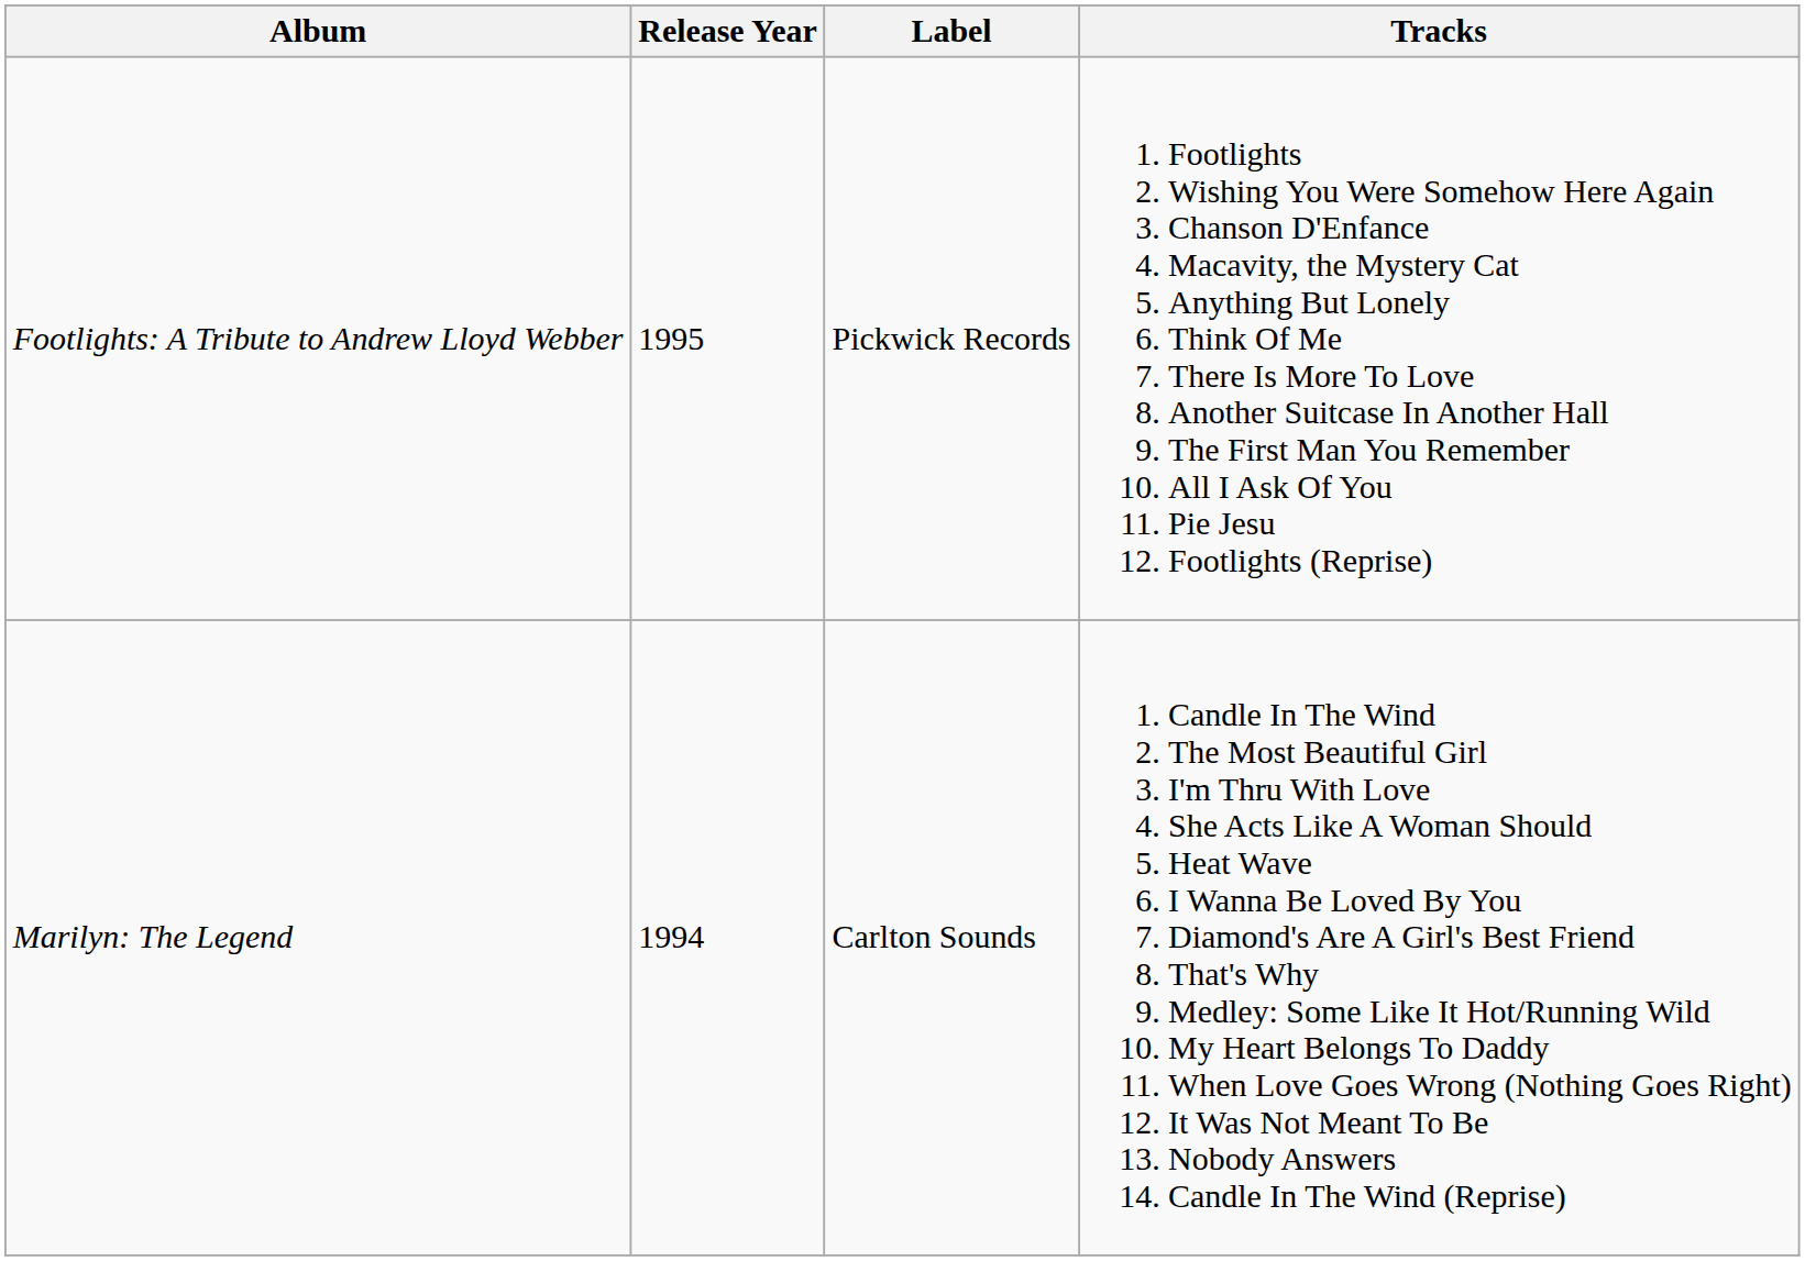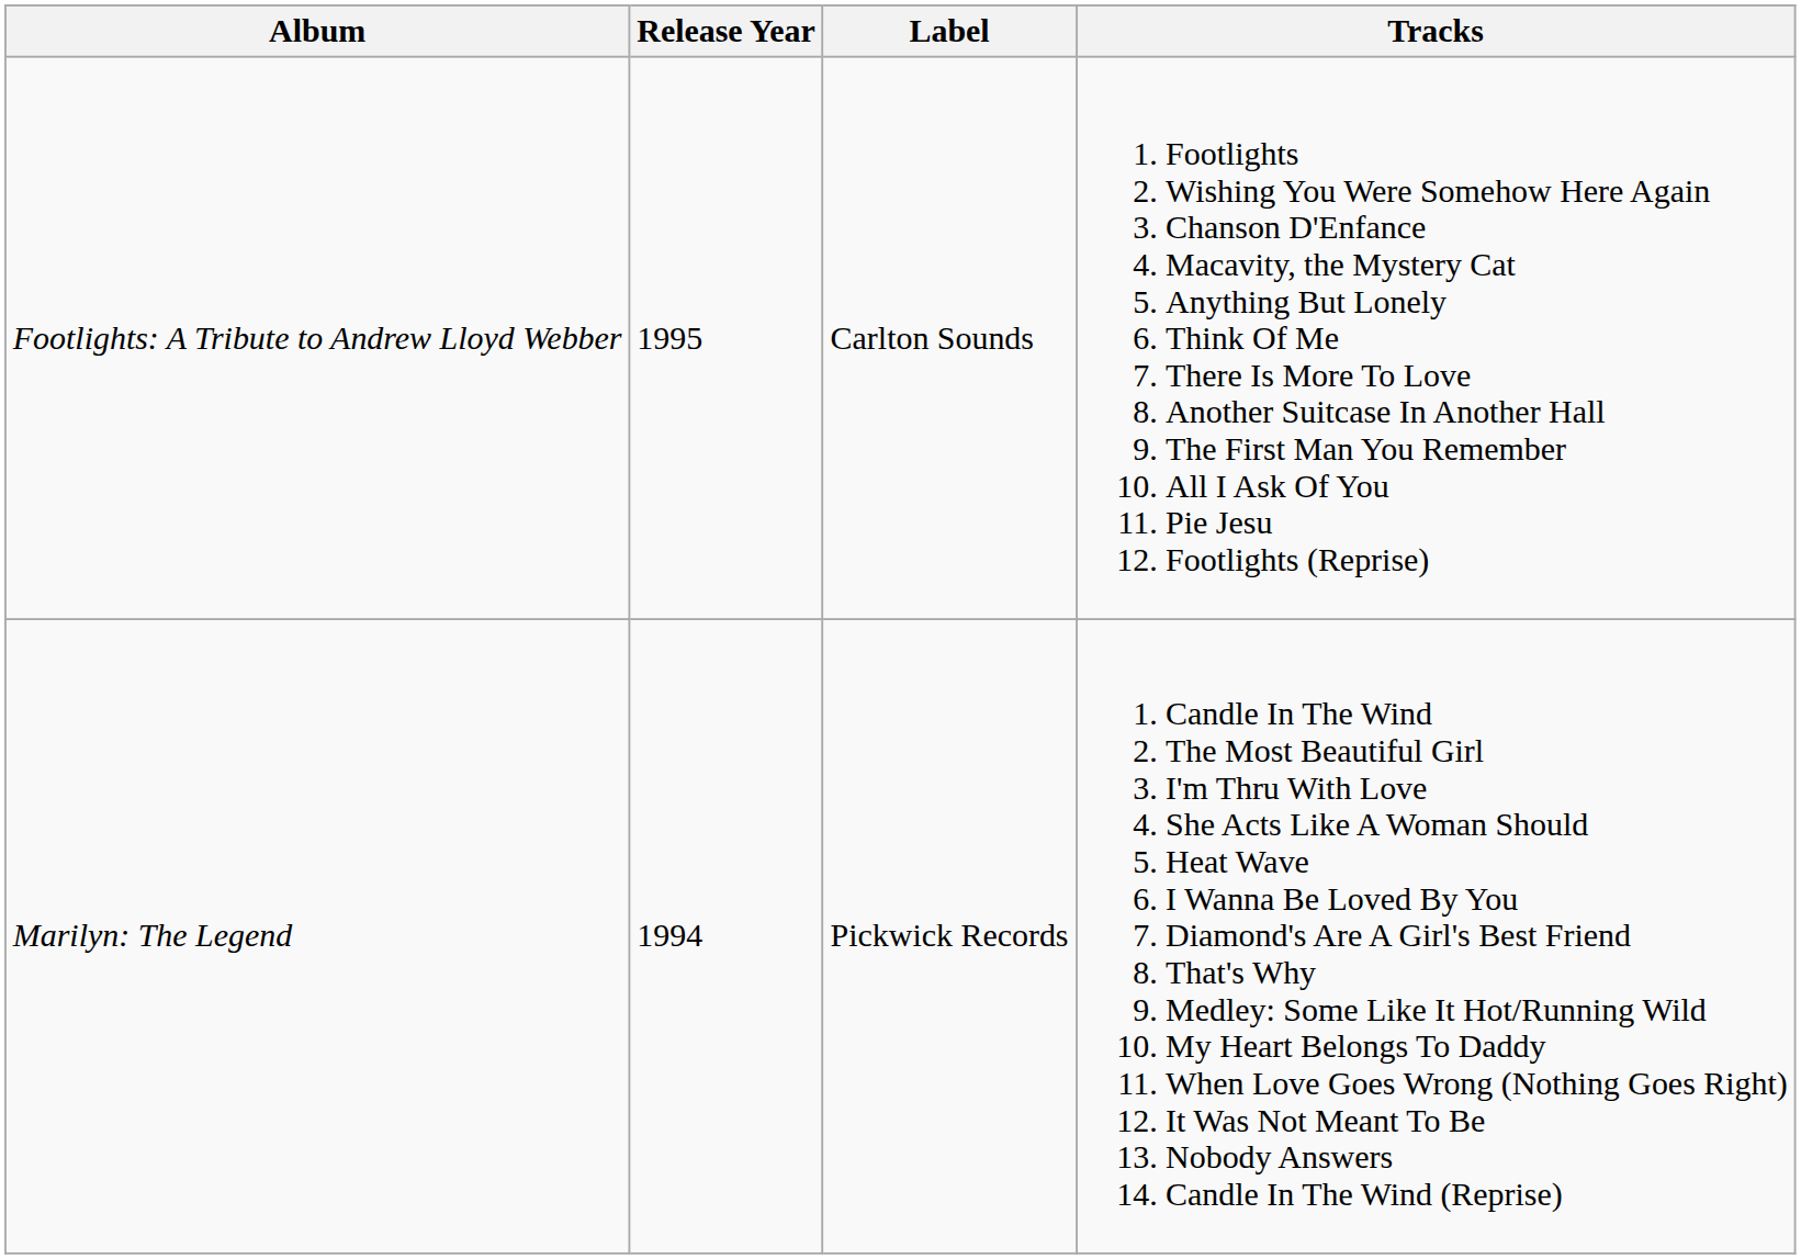 <table class="wikitable">
 <tr>
 <th>Album</th>
 <th>Release Year</th>
 <th>Label</th>
 <th>Tracks</th>
 </tr>
 <tr>
 <td><em>Footlights: A Tribute to Andrew Lloyd Webber</em></td>
 <td>1995</td>
-<td>Pickwick Records</td>
+<td>Carlton Sounds</td>
 <td><br><ol><li>Footlights</li><li>Wishing You Were Somehow Here Again</li><li>Chanson D'Enfance</li><li>Macavity, the Mystery Cat</li><li>Anything But Lonely</li><li>Think Of Me</li><li>There Is More To Love</li><li>Another Suitcase In Another Hall</li><li>The First Man You Remember</li><li>All I Ask Of You</li><li>Pie Jesu</li><li>Footlights (Reprise)</li></ol></td>
 </tr>
 <tr>
 <td><em>Marilyn: The Legend</em></td>
 <td>1994</td>
-<td>Carlton Sounds</td>
+<td>Pickwick Records</td>
 <td><br><ol><li>Candle In The Wind</li><li>The Most Beautiful Girl</li><li>I'm Thru With Love</li><li>She Acts Like A Woman Should</li><li>Heat Wave</li><li>I Wanna Be Loved By You</li><li>Diamond's Are A Girl's Best Friend</li><li>That's Why</li><li>Medley: Some Like It Hot/Running Wild</li><li>My Heart Belongs To Daddy</li><li>When Love Goes Wrong (Nothing Goes Right)</li><li>It Was Not Meant To Be</li><li>Nobody Answers</li><li>Candle In The Wind (Reprise)</li></ol></td>
 </tr>
 </table>
